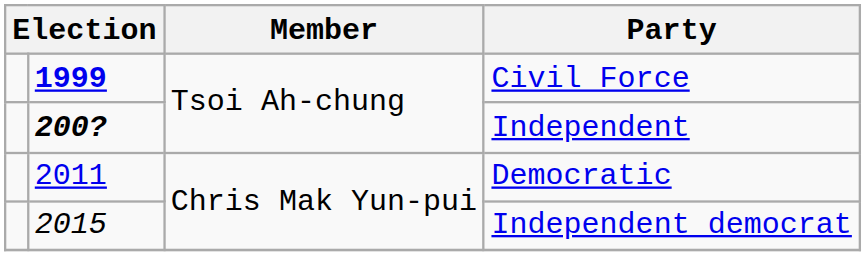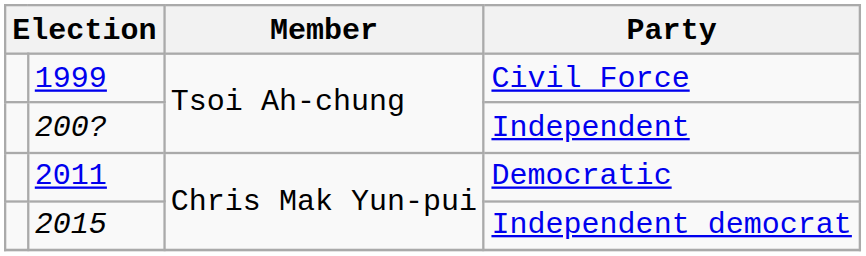 <table class="wikitable">
 <tr>
 <th colspan="2">Election</th>
 <th>Member</th>
 <th>Party</th>
 </tr>
 <tr>
 <td style="color:inherit;background:"></td>
-<td><strong><a href='#'>1999</a></strong></td>
+<td><a href='#'>1999</a></td>
 <td rowspan=2>Tsoi Ah-chung</td>
 <td><a href='#'>Civil Force</a></td>
 </tr>
 <tr>
 <td style="color:inherit;background:"></td>
-<td><strong><em>200?</em></strong></td>
+<td><em>200?</em></td>
 <td><a href='#'>Independent</a></td>
 </tr>
 <tr>
 <td style="color:inherit;background:"></td>
 <td><a href='#'>2011</a></td>
 <td rowspan=2>Chris Mak Yun-pui</td>
 <td><a href='#'>Democratic</a></td>
 </tr>
 <tr>
 <td style="color:inherit;background:"></td>
 <td><em>2015</em></td>
 <td><a href='#'>Independent democrat</a></td>
 </tr>
 <tr>
 </tr>
 </table>
